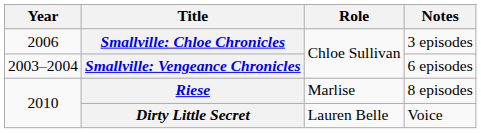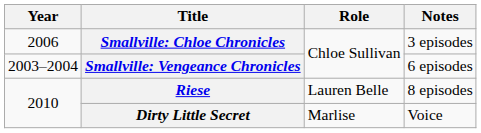 <table class="wikitable sortable plainrowheaders">
 <tr>
 <th scope="col">Year</th>
 <th scope="col">Title</th>
 <th scope="col">Role</th>
 <th scope="col" class="unsortable">Notes</th>
 </tr>
 <tr>
 <td align="center">2006</td>
 <th scope="row"><em><a href='#'>Smallville: Chloe Chronicles</a></em></th>
 <td rowspan=2>Chloe Sullivan</td>
 <td>3 episodes</td>
 </tr>
 <tr>
 <td align="center">2003–2004</td>
 <th scope="row"><em><a href='#'>Smallville: Vengeance Chronicles</a></em></th>
 <td>6 episodes</td>
 </tr>
 <tr>
 <td align="center" rowspan = 2>2010</td>
 <th scope="row"><em><a href='#'>Riese</a></em></th>
-<td>Marlise</td>
+<td>Lauren Belle</td>
 <td>8 episodes</td>
 </tr>
 <tr>
 <th scope="row"><em>Dirty Little Secret</em></th>
-<td>Lauren Belle</td>
+<td>Marlise</td>
 <td>Voice</td>
 </tr>
 </table>
